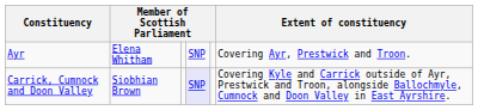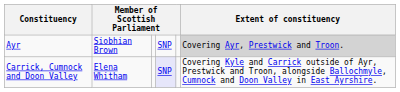 <table class="wikitable" style="font-size: 95%;">
 <tr>
 <th>Constituency</th>
 <th colspan=4>Member of Scottish Parliament</th>
 <th>Extent of constituency</th>
 </tr>
 <tr>
 <td><a href='#'>Ayr</a></td>
-<td><a href='#'>Elena Whitham</a></td>
+<td><a href='#'>Siobhian Brown</a></td>
 <td style="background-color: "></td>
 <td><a href='#'>SNP</a></td>
 <td></td>
-<td>Covering <a href='#'>Ayr</a>, <a href='#'>Prestwick</a> and <a href='#'>Troon</a>.</td>
+<td style="background: lightgrey;">Covering <a href='#'>Ayr</a>, <a href='#'>Prestwick</a> and <a href='#'>Troon</a>.</td>
 </tr>
 <tr>
 <td><a href='#'>Carrick, Cumnock and Doon Valley</a></td>
-<td><a href='#'>Siobhian Brown</a></td>
+<td><a href='#'>Elena Whitham</a></td>
 <td style="background-color: "></td>
 <td style="background: lavender;"><a href='#'>SNP</a></td>
 <td></td>
 <td>Covering <a href='#'>Kyle</a> and <a href='#'>Carrick</a> outside of Ayr, Prestwick and Troon, alongside <a href='#'>Ballochmyle</a>, <a href='#'>Cumnock</a> and <a href='#'>Doon Valley</a> in <a href='#'>East Ayrshire</a>.</td>
 </tr>
 </table>
